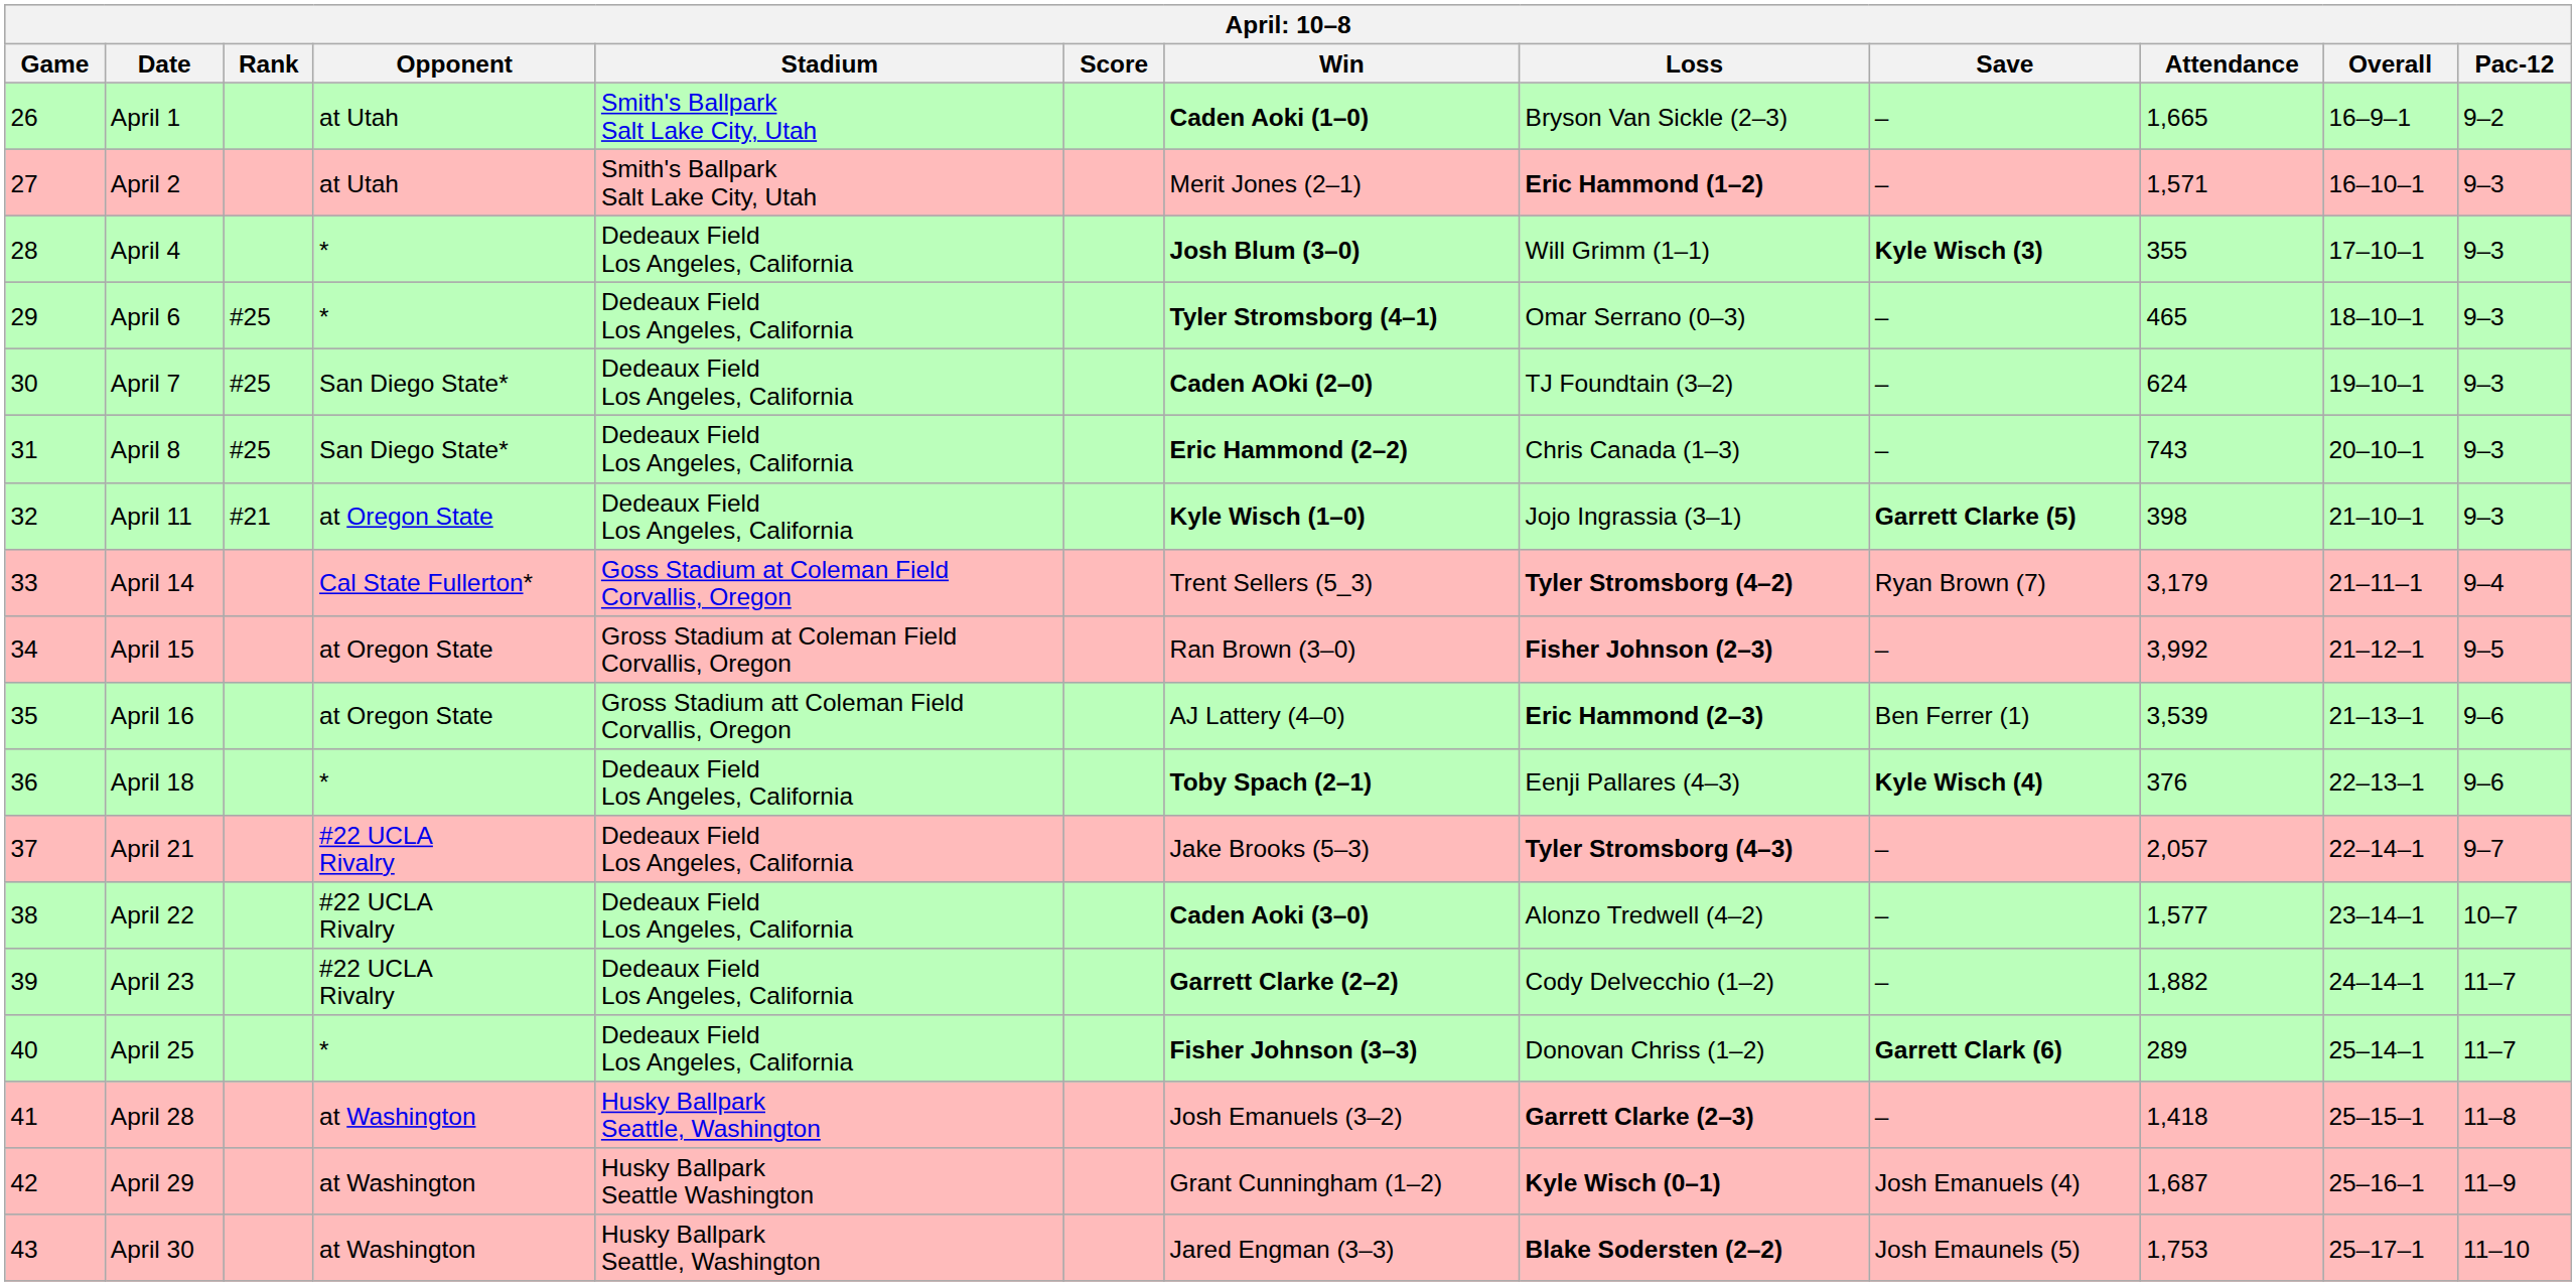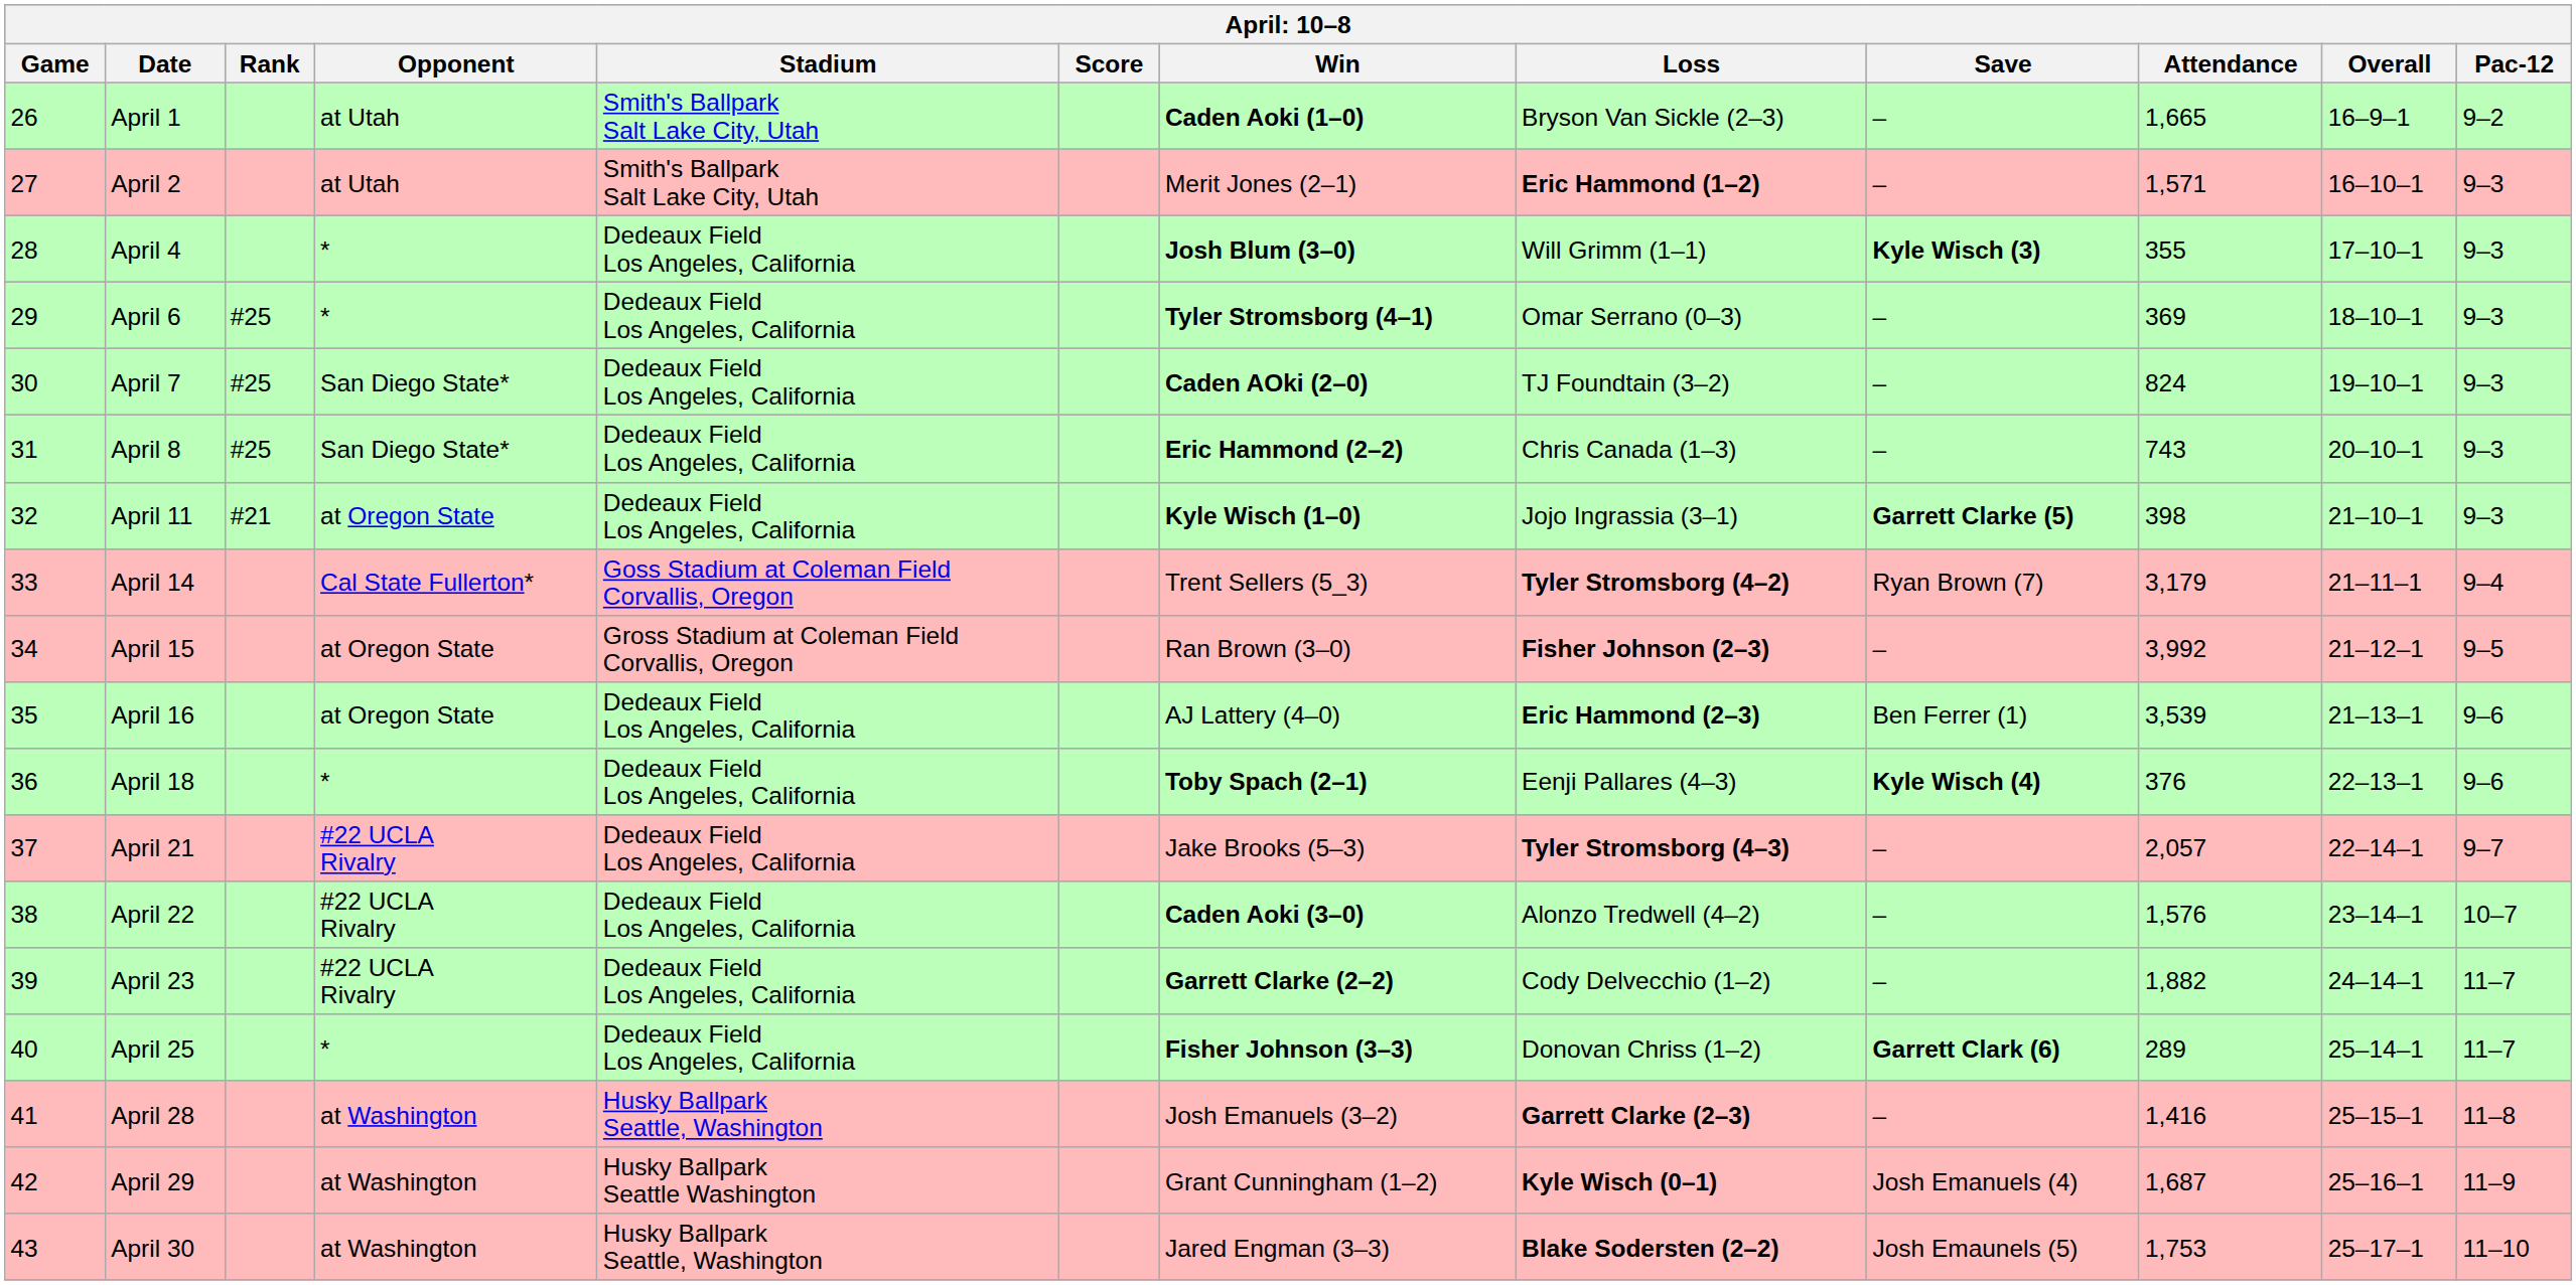 <table class="wikitable collapsible collapsed" style="margin:auto; font-size:95%; width:100%">
 <tr>
 <th colspan=12>April: 10–8</th>
 </tr>
 <tr>
 <th>Game</th>
 <th>Date</th>
 <th>Rank</th>
 <th>Opponent</th>
 <th>Stadium</th>
 <th>Score</th>
 <th>Win</th>
 <th>Loss</th>
 <th>Save</th>
 <th>Attendance</th>
 <th>Overall</th>
 <th>Pac-12</th>
 </tr>
 <tr style="background:#bfb;">
 <td>26</td>
 <td>April 1</td>
 <td></td>
 <td>at Utah</td>
 <td><a href='#'>Smith's Ballpark</a><br><a href='#'>Salt Lake City, Utah</a></td>
 <td></td>
 <td><strong>Caden Aoki (1–0)</strong></td>
 <td>Bryson Van Sickle (2–3)</td>
 <td>–</td>
 <td>1,665</td>
 <td>16–9–1</td>
 <td>9–2</td>
 </tr>
 <tr style="background:#fbb;">
 <td>27</td>
 <td>April 2</td>
 <td></td>
 <td>at Utah</td>
 <td>Smith's Ballpark<br>Salt Lake City, Utah</td>
 <td></td>
 <td>Merit Jones (2–1)</td>
 <td><strong>Eric Hammond (1–2)</strong></td>
 <td>–</td>
 <td>1,571</td>
 <td>16–10–1</td>
 <td>9–3</td>
 </tr>
 <tr style="background:#bfb;">
 <td>28</td>
 <td>April 4</td>
 <td></td>
 <td>*</td>
 <td>Dedeaux Field<br>Los Angeles, California</td>
 <td></td>
 <td><strong>Josh Blum (3–0)</strong></td>
 <td>Will Grimm (1–1)</td>
 <td><strong>Kyle Wisch (3)</strong></td>
 <td>355</td>
 <td>17–10–1</td>
 <td>9–3</td>
 </tr>
 <tr style="background:#bfb;">
 <td>29</td>
 <td>April 6</td>
 <td>#25</td>
 <td>*</td>
 <td>Dedeaux Field<br>Los Angeles, California</td>
 <td></td>
 <td><strong>Tyler Stromsborg (4–1)</strong></td>
 <td>Omar Serrano (0–3)</td>
 <td>–</td>
-<td>465</td>
+<td>369</td>
 <td>18–10–1</td>
 <td>9–3</td>
 </tr>
 <tr style="background:#bfb;">
 <td>30</td>
 <td>April 7</td>
 <td>#25</td>
 <td>San Diego State*</td>
 <td>Dedeaux Field<br>Los Angeles, California</td>
 <td></td>
 <td><strong>Caden AOki (2–0)</strong></td>
 <td>TJ Foundtain (3–2)</td>
 <td>–</td>
-<td>624</td>
+<td>824</td>
 <td>19–10–1</td>
 <td>9–3</td>
 </tr>
 <tr style="background:#bfb;">
 <td>31</td>
 <td>April 8</td>
 <td>#25</td>
 <td>San Diego State*</td>
 <td>Dedeaux Field<br>Los Angeles, California</td>
 <td></td>
 <td><strong>Eric Hammond (2–2)</strong></td>
 <td>Chris Canada (1–3)</td>
 <td>–</td>
 <td>743</td>
 <td>20–10–1</td>
 <td>9–3</td>
 </tr>
 <tr style="background:#bfb;">
 <td>32</td>
 <td>April 11</td>
 <td>#21</td>
 <td>at <a href='#'>Oregon State</a></td>
 <td>Dedeaux Field<br>Los Angeles, California</td>
 <td></td>
 <td><strong>Kyle Wisch (1–0)</strong></td>
 <td>Jojo Ingrassia (3–1)</td>
 <td><strong>Garrett Clarke (5)</strong></td>
 <td>398</td>
 <td>21–10–1</td>
 <td>9–3</td>
 </tr>
 <tr style="background:#fbb;">
 <td>33</td>
 <td>April 14</td>
 <td></td>
 <td><a href='#'>Cal State Fullerton</a>*</td>
 <td><a href='#'>Goss Stadium at Coleman Field</a><br><a href='#'>Corvallis, Oregon</a></td>
 <td></td>
 <td>Trent Sellers (5_3)</td>
 <td><strong>Tyler Stromsborg (4–2)</strong></td>
 <td>Ryan Brown (7)</td>
 <td>3,179</td>
 <td>21–11–1</td>
 <td>9–4</td>
 </tr>
 <tr style="background:#fbb;">
 <td>34</td>
 <td>April 15</td>
 <td></td>
 <td>at Oregon State</td>
 <td>Gross Stadium at Coleman Field<br>Corvallis, Oregon</td>
 <td><br></td>
 <td>Ran Brown (3–0)</td>
 <td><strong>Fisher Johnson (2–3)</strong></td>
 <td>–</td>
 <td>3,992</td>
 <td>21–12–1</td>
 <td>9–5</td>
 </tr>
 <tr style="background:#bfb;">
 <td>35</td>
 <td>April 16</td>
 <td></td>
 <td>at Oregon State</td>
-<td>Gross Stadium att Coleman Field<br>Corvallis, Oregon</td>
+<td>Dedeaux Field<br>Los Angeles, California</td>
 <td></td>
 <td>AJ Lattery (4–0)</td>
 <td><strong>Eric Hammond (2–3)</strong></td>
 <td>Ben Ferrer (1)</td>
 <td>3,539</td>
 <td>21–13–1</td>
 <td>9–6</td>
 </tr>
 <tr style="background:#bfb;">
 <td>36</td>
 <td>April 18</td>
 <td></td>
 <td>*</td>
 <td>Dedeaux Field<br>Los Angeles, California</td>
 <td></td>
 <td><strong>Toby Spach (2–1)</strong></td>
 <td>Eenji Pallares (4–3)</td>
 <td><strong>Kyle Wisch (4)</strong></td>
 <td>376</td>
 <td>22–13–1</td>
 <td>9–6</td>
 </tr>
 <tr style="background:#fbb;">
 <td>37</td>
 <td>April 21</td>
 <td></td>
 <td><a href='#'>#22 UCLA</a><br><a href='#'>Rivalry</a></td>
 <td>Dedeaux Field<br>Los Angeles, California</td>
 <td></td>
 <td>Jake Brooks (5–3)</td>
 <td><strong>Tyler Stromsborg (4–3)</strong></td>
 <td>–</td>
 <td>2,057</td>
 <td>22–14–1</td>
 <td>9–7</td>
 </tr>
 <tr style="background:#bfb;">
 <td>38</td>
 <td>April 22</td>
 <td></td>
 <td>#22 UCLA<br>Rivalry</td>
 <td>Dedeaux Field<br>Los Angeles, California</td>
 <td></td>
 <td><strong>Caden Aoki (3–0)</strong></td>
 <td>Alonzo Tredwell (4–2)</td>
 <td>–</td>
-<td>1,577</td>
+<td>1,576</td>
 <td>23–14–1</td>
 <td>10–7</td>
 </tr>
 <tr style="background:#bfb;">
 <td>39</td>
 <td>April 23</td>
 <td></td>
 <td>#22 UCLA<br>Rivalry</td>
 <td>Dedeaux Field<br>Los Angeles, California</td>
 <td></td>
 <td><strong>Garrett Clarke (2–2)</strong></td>
 <td>Cody Delvecchio (1–2)</td>
 <td>–</td>
 <td>1,882</td>
 <td>24–14–1</td>
 <td>11–7</td>
 </tr>
 <tr style="background:#bfb;">
 <td>40</td>
 <td>April 25</td>
 <td></td>
 <td>*</td>
 <td>Dedeaux Field<br>Los Angeles, California</td>
 <td></td>
 <td><strong>Fisher Johnson (3–3)</strong></td>
 <td>Donovan Chriss (1–2)</td>
 <td><strong>Garrett Clark (6)</strong></td>
 <td>289</td>
 <td>25–14–1</td>
 <td>11–7</td>
 </tr>
 <tr style="background:#fbb;">
 <td>41</td>
 <td>April 28</td>
 <td></td>
 <td>at <a href='#'>Washington</a></td>
 <td><a href='#'>Husky Ballpark</a><br><a href='#'>Seattle, Washington</a></td>
 <td><br></td>
 <td>Josh Emanuels (3–2)</td>
 <td><strong>Garrett Clarke (2–3)</strong></td>
 <td>–</td>
-<td>1,418</td>
+<td>1,416</td>
 <td>25–15–1</td>
 <td>11–8</td>
 </tr>
 <tr style="background:#fbb;">
 <td>42</td>
 <td>April 29</td>
 <td></td>
 <td>at Washington</td>
 <td>Husky Ballpark<br>Seattle Washington</td>
 <td></td>
 <td>Grant Cunningham (1–2)</td>
 <td><strong>Kyle Wisch (0–1)</strong></td>
 <td>Josh Emanuels (4)</td>
 <td>1,687</td>
 <td>25–16–1</td>
 <td>11–9</td>
 </tr>
 <tr style="background:#fbb;">
 <td>43</td>
 <td>April 30</td>
 <td></td>
 <td>at Washington</td>
 <td>Husky Ballpark<br>Seattle, Washington</td>
 <td></td>
 <td>Jared Engman (3–3)</td>
 <td><strong>Blake Sodersten (2–2)</strong></td>
 <td>Josh Emaunels (5)</td>
 <td>1,753</td>
 <td>25–17–1</td>
 <td>11–10</td>
 </tr>
 </table>
